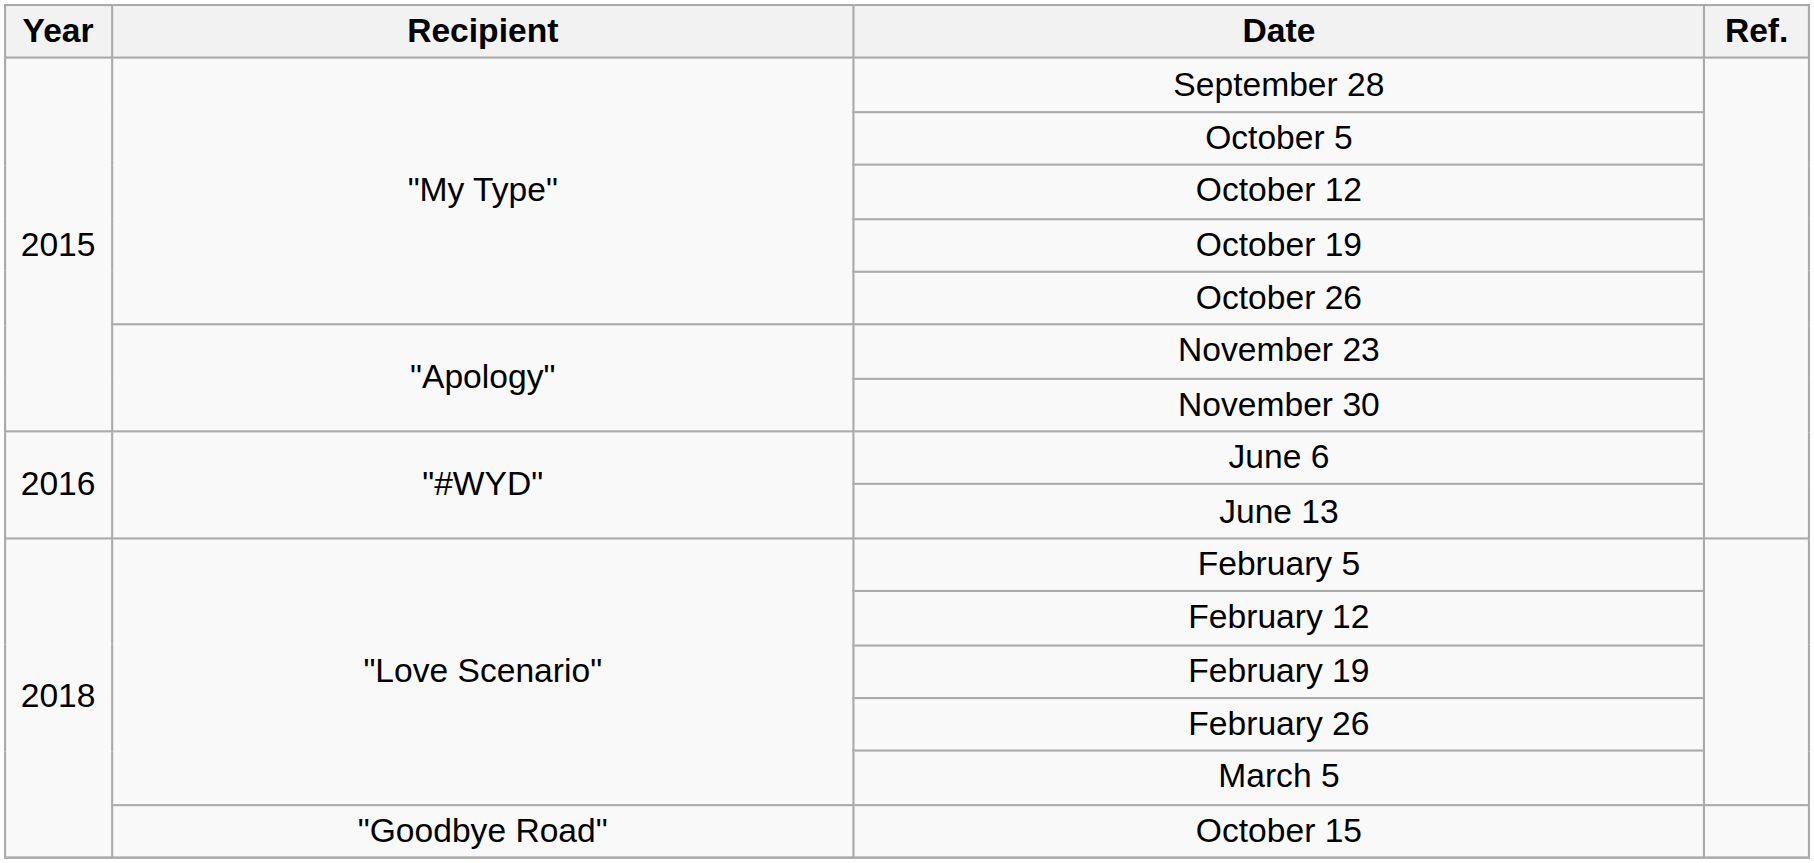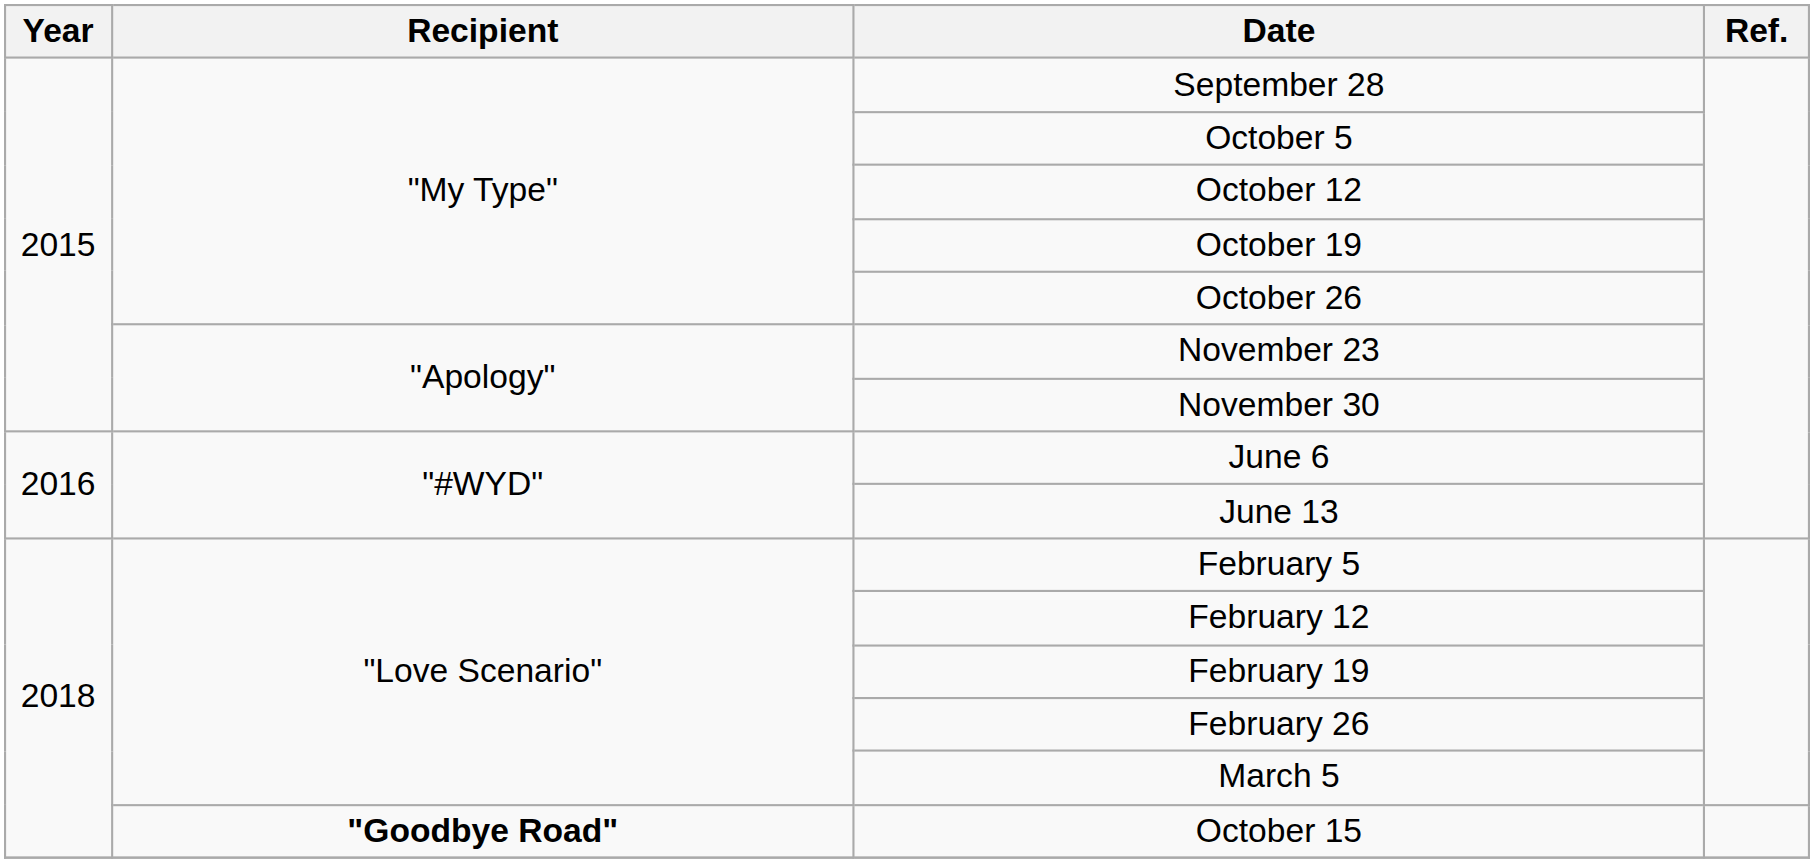 <table class="wikitable" style="text-align:center">
 <tr>
 <th width="5%">Year</th>
 <th width="35%">Recipient</th>
 <th width="40%">Date</th>
 <th width="5%">Ref.</th>
 </tr>
 <tr>
 <td rowspan="7">2015</td>
 <td rowspan="5">"My Type"</td>
 <td>September 28</td>
 <td rowspan="9"></td>
 </tr>
 <tr>
 <td>October 5</td>
 </tr>
 <tr>
 <td>October 12</td>
 </tr>
 <tr>
 <td>October 19</td>
 </tr>
 <tr>
 <td>October 26</td>
 </tr>
 <tr>
 <td rowspan="2">"Apology"</td>
 <td>November 23</td>
 </tr>
 <tr>
 <td>November 30</td>
 </tr>
 <tr>
 <td rowspan="2">2016</td>
 <td rowspan="2">"#WYD"</td>
 <td>June 6</td>
 </tr>
 <tr>
 <td>June 13</td>
 </tr>
 <tr>
 <td rowspan="6">2018</td>
 <td rowspan="5">"Love Scenario"</td>
 <td>February 5</td>
 <td rowspan="5"></td>
 </tr>
 <tr>
 <td>February 12</td>
 </tr>
 <tr>
 <td>February 19</td>
 </tr>
 <tr>
 <td>February 26</td>
 </tr>
 <tr>
 <td>March 5</td>
 </tr>
 <tr>
-<td>"Goodbye Road"</td>
+<td><strong>"Goodbye Road"</strong></td>
 <td>October 15</td>
 <td></td>
 </tr>
 <tr>
 </tr>
 </table>
